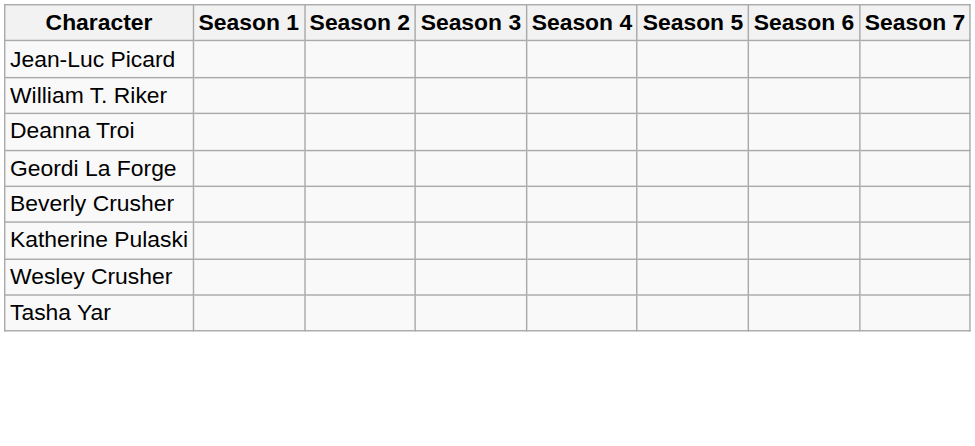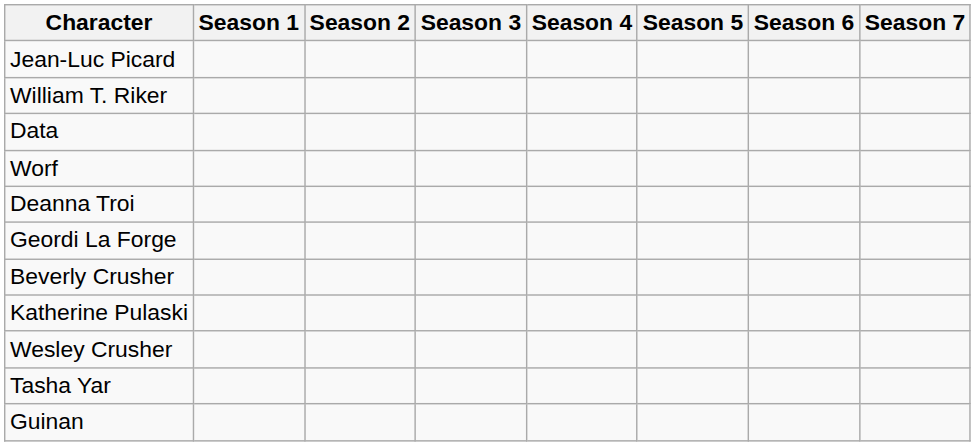 <table class="wikitable">
 <tr>
 <th>Character</th>
 <th>Season 1</th>
 <th>Season 2</th>
 <th>Season 3</th>
 <th>Season 4</th>
 <th>Season 5</th>
 <th>Season 6</th>
 <th>Season 7</th>
 </tr>
 <tr>
 <td>Jean-Luc Picard</td>
 <td></td>
 <td></td>
 <td></td>
 <td></td>
 <td></td>
 <td></td>
 <td></td>
 </tr>
 <tr>
 <td>William T. Riker</td>
+<td></td>
+<td></td>
+<td></td>
+<td></td>
+<td></td>
+<td></td>
+<td></td>
+</tr>
+<tr>
+<td>Data</td>
+<td></td>
+<td></td>
+<td></td>
+<td></td>
+<td></td>
+<td></td>
+<td></td>
+</tr>
+<tr>
+<td>Worf</td>
 <td></td>
 <td></td>
 <td></td>
 <td></td>
 <td></td>
 <td></td>
 <td></td>
 </tr>
 <tr>
 <td>Deanna Troi</td>
 <td></td>
 <td></td>
 <td></td>
 <td></td>
 <td></td>
 <td></td>
 <td></td>
 </tr>
 <tr>
 <td>Geordi La Forge</td>
 <td></td>
 <td></td>
 <td></td>
 <td></td>
 <td></td>
 <td></td>
 <td></td>
 </tr>
 <tr>
 <td>Beverly Crusher</td>
 <td></td>
 <td></td>
 <td></td>
 <td></td>
 <td></td>
 <td></td>
 <td></td>
 </tr>
 <tr>
 <td>Katherine Pulaski</td>
 <td></td>
 <td></td>
 <td></td>
 <td></td>
 <td></td>
 <td></td>
 <td></td>
 </tr>
 <tr>
 <td>Wesley Crusher</td>
 <td></td>
 <td></td>
 <td></td>
 <td></td>
 <td></td>
 <td></td>
 <td></td>
 </tr>
 <tr>
 <td>Tasha Yar</td>
 <td></td>
 <td></td>
 <td></td>
 <td></td>
 <td></td>
 <td></td>
 <td></td>
 </tr>
+<tr>
+<td>Guinan</td>
+<td></td>
+<td></td>
+<td></td>
+<td></td>
+<td></td>
+<td></td>
+<td></td>
+</tr>
 </table>
